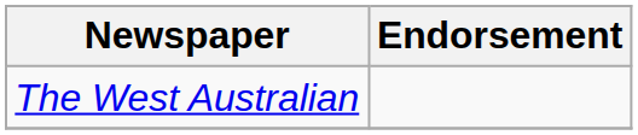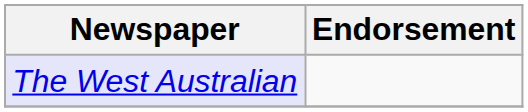 <table class="wikitable">
 <tr>
 <th>Newspaper</th>
 <th colspan="2">Endorsement</th>
 </tr>
 <tr>
-<td><em><a href='#'>The West Australian</a></em></td>
+<td style="background: lavender;"><em><a href='#'>The West Australian</a></em></td>
 <td></td>
 </tr>
 <tr>
 </tr>
 </table>
